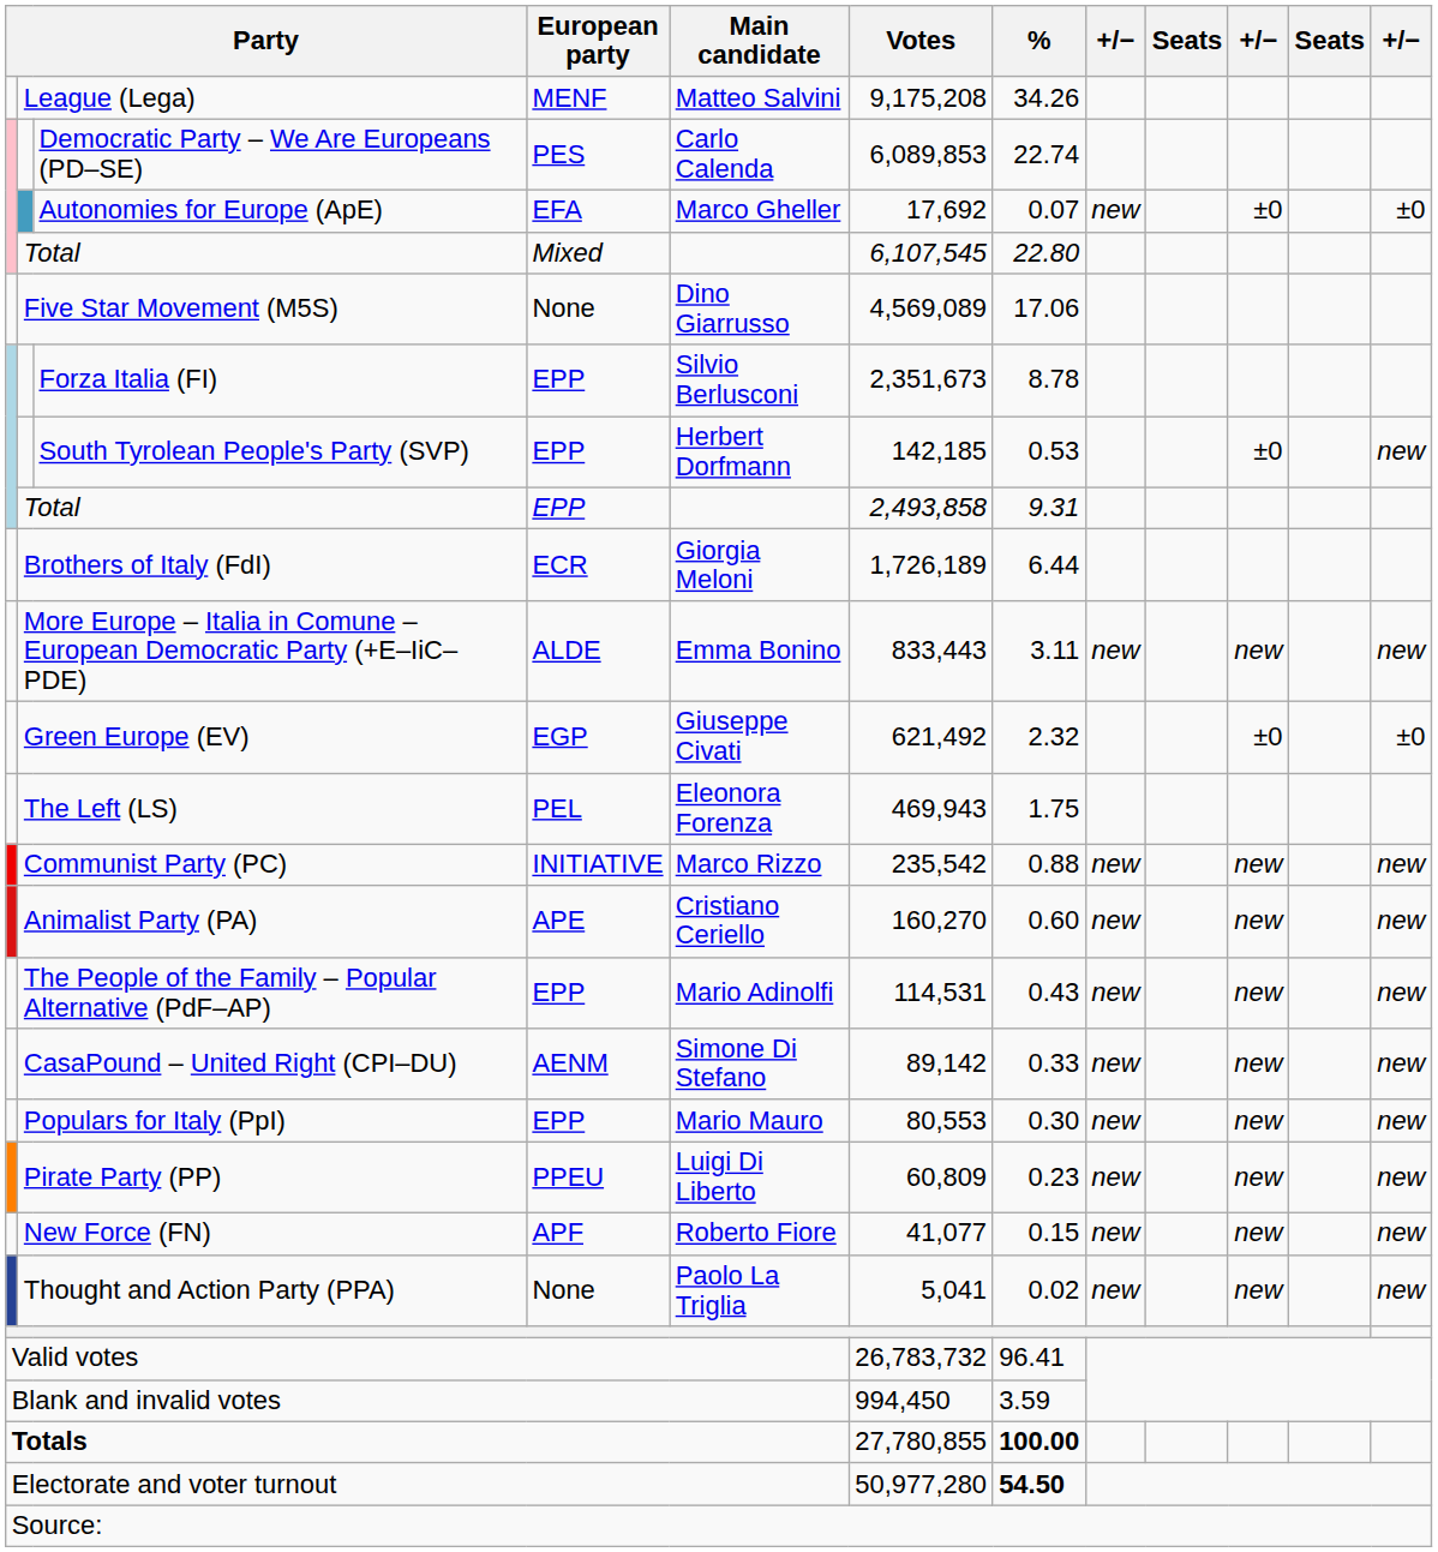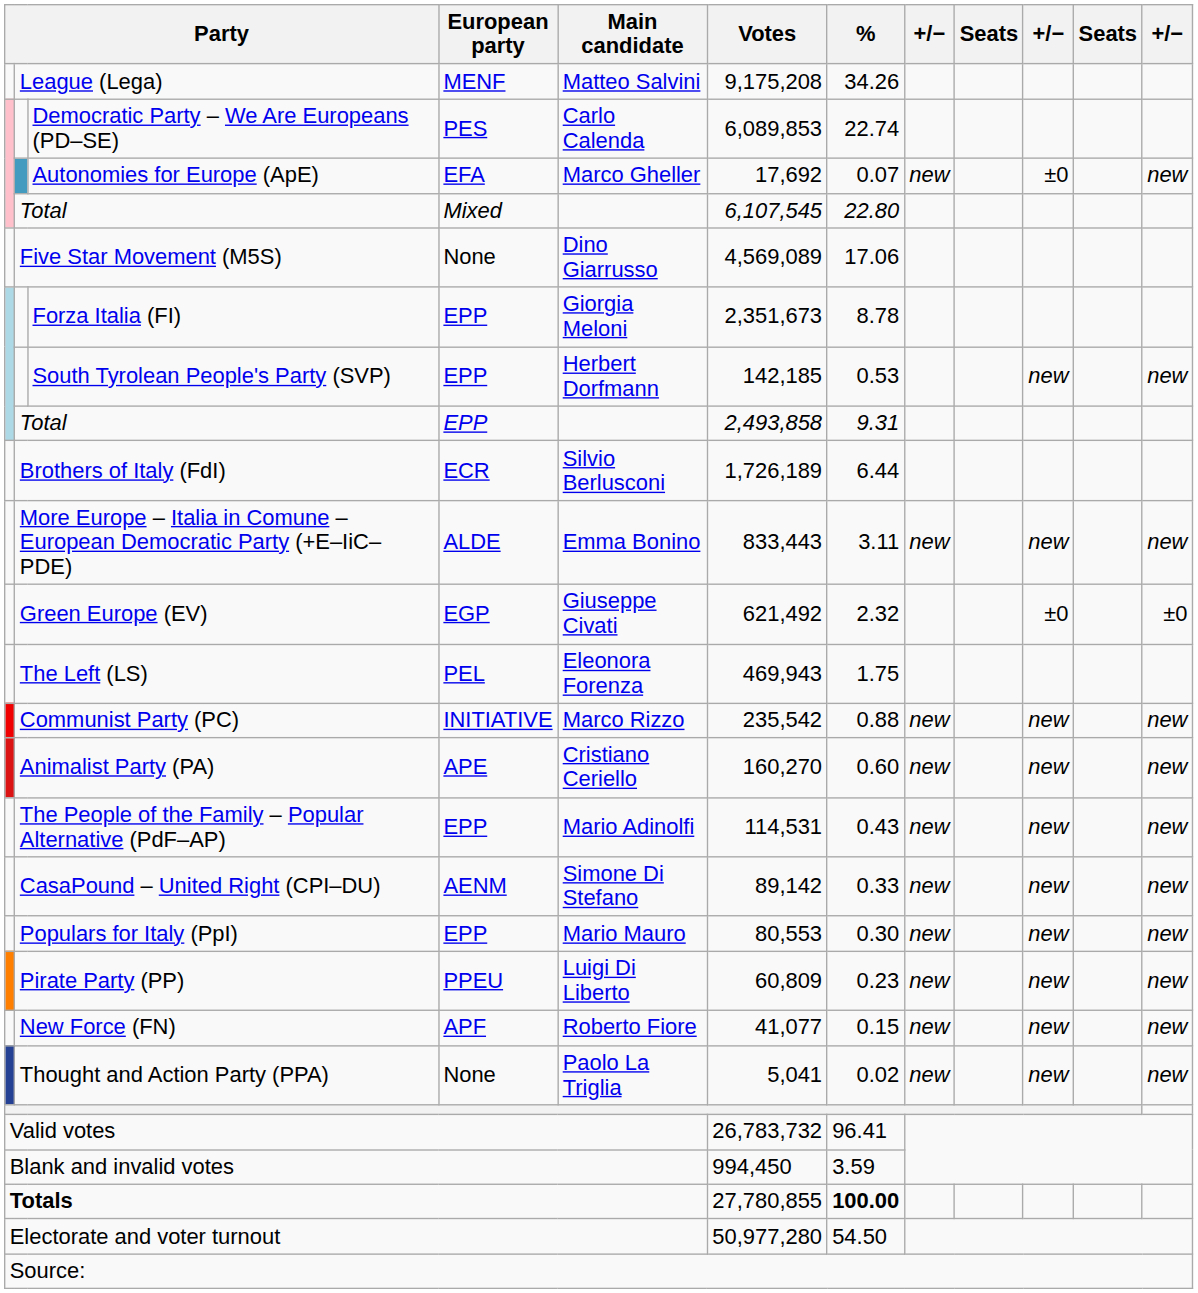 <table class="wikitable">
 <tr>
 <th colspan="3">Party</th>
 <th>European <br>party</th>
 <th>Main candidate</th>
 <th>Votes</th>
 <th>%</th>
 <th>+/−</th>
 <th>Seats <br></th>
 <th>+/−</th>
 <th>Seats <br></th>
 <th>+/−</th>
 </tr>
 <tr>
 <td style="background-color:"></td>
 <td colspan="2" style="text-align:left;"><a href='#'>League</a> (Lega)</td>
 <td style="text-align:left;"><a href='#'>MENF</a></td>
 <td style="text-align:left;"><a href='#'>Matteo Salvini</a></td>
 <td style="text-align:right;">9,175,208</td>
 <td style="text-align:right;">34.26</td>
 <td style="text-align:right;"></td>
 <td style="text-align:left;"></td>
 <td style="text-align:right;"></td>
 <td style="text-align:left;"></td>
 <td style="text-align:right;"></td>
 </tr>
 <tr>
 <td rowspan=3 style="background-color:pink"></td>
 <td style="background-color:"></td>
 <td style="text-align:left;"><a href='#'>Democratic Party</a> – <a href='#'>We Are Europeans</a> (PD–SE)</td>
 <td style="text-align:left;"><a href='#'>PES</a></td>
 <td style="text-align:left;"><a href='#'>Carlo Calenda</a></td>
 <td style="text-align:right;">6,089,853</td>
 <td style="text-align:right;">22.74</td>
 <td style="text-align:right;"></td>
 <td style="text-align:left;"></td>
 <td style="text-align:right;"></td>
 <td style="text-align:left;"></td>
 <td style="text-align:right;"></td>
 </tr>
 <tr>
 <td style="background-color: #439CBF"></td>
 <td style="text-align:left;"><a href='#'>Autonomies for Europe</a> (ApE)</td>
 <td style="text-align:left;"><a href='#'>EFA</a></td>
 <td style="text-align:left;"><a href='#'>Marco Gheller</a></td>
 <td style="text-align:right;">17,692</td>
 <td style="text-align:right;">0.07</td>
 <td style="text-align:right;"><em>new</em></td>
 <td style="text-align:left;"></td>
 <td style="text-align:right;">±0</td>
 <td style="text-align:left;"></td>
-<td style="text-align:right;">±0</td>
+<td style="text-align:right;"><em>new</em></td>
 </tr>
 <tr>
 <td align=left colspan=2><em>Total</em></td>
 <td align=left><em>Mixed</em></td>
 <td align="left"></td>
 <td align="right"><em>6,107,545</em></td>
 <td align="right"><em>22.80</em></td>
 <td style="text-align:right;"></td>
 <td style="text-align:left;"></td>
 <td style="text-align:right;"></td>
 <td style="text-align:left;"></td>
 <td style="text-align:right;"></td>
 </tr>
 <tr>
 <td style="background-color:"></td>
 <td colspan="2" style="text-align:left;"><a href='#'>Five Star Movement</a> (M5S)</td>
 <td style="text-align:left;">None</td>
 <td style="text-align:left;"><a href='#'>Dino Giarrusso</a></td>
 <td style="text-align:right;">4,569,089</td>
 <td style="text-align:right;">17.06</td>
 <td style="text-align:right;"></td>
 <td style="text-align:left;"></td>
 <td style="text-align:right;"></td>
 <td style="text-align:left;"></td>
 <td style="text-align:right;"></td>
 </tr>
 <tr>
 <td rowspan=3 style="background-color:lightblue"></td>
 <td style="background-color:"></td>
 <td style="text-align:left;"><a href='#'>Forza Italia</a> (FI)</td>
 <td style="text-align:left;"><a href='#'>EPP</a></td>
-<td style="text-align:left;"><a href='#'>Silvio Berlusconi</a></td>
+<td style="text-align:left;"><a href='#'>Giorgia Meloni</a></td>
 <td style="text-align:right;">2,351,673</td>
 <td style="text-align:right;">8.78</td>
 <td style="text-align:right;"></td>
 <td style="text-align:left;"></td>
 <td style="text-align:right;"></td>
 <td style="text-align:left;"></td>
 <td style="text-align:right;"></td>
 </tr>
 <tr>
 <td style="background-color:"></td>
 <td style="text-align:left;"><a href='#'>South Tyrolean People's Party</a> (SVP)</td>
 <td style="text-align:left;"><a href='#'>EPP</a></td>
 <td style="text-align:left;"><a href='#'>Herbert Dorfmann</a></td>
 <td style="text-align:right;">142,185</td>
 <td style="text-align:right;">0.53</td>
 <td style="text-align:right;"></td>
 <td style="text-align:left;"></td>
-<td style="text-align:right;">±0</td>
+<td style="text-align:right;"><em>new</em></td>
 <td style="text-align:left;"></td>
 <td style="text-align:right;"><em>new</em></td>
 </tr>
 <tr>
 <td align=left colspan=2><em>Total</em></td>
 <td align=left><em><a href='#'>EPP</a></em></td>
 <td align="left"></td>
 <td align="right"><em>2,493,858</em></td>
 <td align="right"><em>9.31</em></td>
 <td align="right"></td>
 <td style="text-align:left;"></td>
 <td style="text-align:right;"></td>
 <td style="text-align:left;"></td>
 <td style="text-align:right;"></td>
 </tr>
 <tr>
 <td style="background-color:"></td>
 <td colspan="2" style="text-align:left;"><a href='#'>Brothers of Italy</a> (FdI)</td>
 <td style="text-align:left;"><a href='#'>ECR</a></td>
-<td style="text-align:left;"><a href='#'>Giorgia Meloni</a></td>
+<td style="text-align:left;"><a href='#'>Silvio Berlusconi</a></td>
 <td style="text-align:right;">1,726,189</td>
 <td style="text-align:right;">6.44</td>
 <td style="text-align:right;"></td>
 <td style="text-align:left;"></td>
 <td style="text-align:right;"></td>
 <td style="text-align:left;"></td>
 <td style="text-align:right;"></td>
 </tr>
 <tr>
 <td style="background-color:"></td>
 <td colspan="2" style="text-align:left;"><a href='#'>More Europe</a> – <a href='#'>Italia in Comune</a> – <a href='#'>European Democratic Party</a> (+E–IiC–PDE)</td>
 <td style="text-align:left;"><a href='#'>ALDE</a></td>
 <td style="text-align:left;"><a href='#'>Emma Bonino</a></td>
 <td style="text-align:right;">833,443</td>
 <td style="text-align:right;">3.11</td>
 <td style="text-align:right;"><em>new</em></td>
 <td style="text-align:left;"></td>
 <td style="text-align:right;"><em>new</em></td>
 <td style="text-align:left;"></td>
 <td style="text-align:right;"><em>new</em></td>
 </tr>
 <tr>
 <td style="background-color:"></td>
 <td colspan="2" style="text-align:left;"><a href='#'>Green Europe</a> (EV)</td>
 <td style="text-align:left;"><a href='#'>EGP</a></td>
 <td style="text-align:left;"><a href='#'>Giuseppe Civati</a></td>
 <td style="text-align:right;">621,492</td>
 <td style="text-align:right;">2.32</td>
 <td style="text-align:right;"></td>
 <td style="text-align:left;"></td>
 <td style="text-align:right;">±0</td>
 <td style="text-align:left;"></td>
 <td style="text-align:right;">±0</td>
 </tr>
 <tr>
 <td style="background-color:"></td>
 <td colspan="2" style="text-align:left;"><a href='#'>The Left</a> (LS)</td>
 <td style="text-align:left;"><a href='#'>PEL</a></td>
 <td style="text-align:left;"><a href='#'>Eleonora Forenza</a></td>
 <td style="text-align:right;">469,943</td>
 <td style="text-align:right;">1.75</td>
 <td style="text-align:right;"></td>
 <td style="text-align:left;"></td>
 <td style="text-align:right;"></td>
 <td style="text-align:left;"></td>
 <td style="text-align:right;"></td>
 </tr>
 <tr>
 <td style="background-color: #F00000"></td>
 <td colspan="2" style="text-align:left;"><a href='#'>Communist Party</a> (PC)</td>
 <td style="text-align:left;"><a href='#'>INITIATIVE</a></td>
 <td style="text-align:left;"><a href='#'>Marco Rizzo</a></td>
 <td style="text-align:right;">235,542</td>
 <td style="text-align:right;">0.88</td>
 <td style="text-align:right;"><em>new</em></td>
 <td style="text-align:left;"></td>
 <td style="text-align:right;"><em>new</em></td>
 <td style="text-align:left;"></td>
 <td style="text-align:right;"><em>new</em></td>
 </tr>
 <tr>
 <td style="background-color: #db1313"></td>
 <td colspan="2" style="text-align:left;"><a href='#'>Animalist Party</a> (PA)</td>
 <td style="text-align:left;"><a href='#'>APE</a></td>
 <td style="text-align:left;"><a href='#'>Cristiano Ceriello</a></td>
 <td style="text-align:right;">160,270</td>
 <td style="text-align:right;">0.60</td>
 <td style="text-align:right;"><em>new</em></td>
 <td style="text-align:left;"></td>
 <td style="text-align:right;"><em>new</em></td>
 <td style="text-align:left;"></td>
 <td style="text-align:right;"><em>new</em></td>
 </tr>
 <tr>
 <td style="background-color:"></td>
 <td colspan="2" style="text-align:left;"><a href='#'>The People of the Family</a> – <a href='#'>Popular Alternative</a> (PdF–AP)</td>
 <td style="text-align:left;"><a href='#'>EPP</a></td>
 <td style="text-align:left;"><a href='#'>Mario Adinolfi</a></td>
 <td style="text-align:right;">114,531</td>
 <td style="text-align:right;">0.43</td>
 <td style="text-align:right;"><em>new</em></td>
 <td style="text-align:left;"></td>
 <td style="text-align:right;"><em>new</em></td>
 <td style="text-align:left;"></td>
 <td style="text-align:right;"><em>new</em></td>
 </tr>
 <tr>
 <td style="background-color:"></td>
 <td colspan="2" style="text-align:left;"><a href='#'>CasaPound</a> – <a href='#'>United Right</a> (CPI–DU)</td>
 <td style="text-align:left;"><a href='#'>AENM</a></td>
 <td style="text-align:left;"><a href='#'>Simone Di Stefano</a></td>
 <td style="text-align:right;">89,142</td>
 <td style="text-align:right;">0.33</td>
 <td style="text-align:right;"><em>new</em></td>
 <td style="text-align:left;"></td>
 <td style="text-align:right;"><em>new</em></td>
 <td style="text-align:left;"></td>
 <td style="text-align:right;"><em>new</em></td>
 </tr>
 <tr>
 <td style="background-color:"></td>
 <td colspan="2" style="text-align:left;"><a href='#'>Populars for Italy</a> (PpI)</td>
 <td style="text-align:left;"><a href='#'>EPP</a></td>
 <td style="text-align:left;"><a href='#'>Mario Mauro</a></td>
 <td style="text-align:right;">80,553</td>
 <td style="text-align:right;">0.30</td>
 <td style="text-align:right;"><em>new</em></td>
 <td style="text-align:left;"></td>
 <td style="text-align:right;"><em>new</em></td>
 <td style="text-align:left;"></td>
 <td style="text-align:right;"><em>new</em></td>
 </tr>
 <tr>
 <td style="background-color: #FF7F00"></td>
 <td colspan="2" style="text-align:left;"><a href='#'>Pirate Party</a> (PP)</td>
 <td style="text-align:left;"><a href='#'>PPEU</a></td>
 <td style="text-align:left;"><a href='#'>Luigi Di Liberto</a></td>
 <td style="text-align:right;">60,809</td>
 <td style="text-align:right;">0.23</td>
 <td style="text-align:right;"><em>new</em></td>
 <td style="text-align:left;"></td>
 <td style="text-align:right;"><em>new</em></td>
 <td style="text-align:left;"></td>
 <td style="text-align:right;"><em>new</em></td>
 </tr>
 <tr>
 <td style="background:"></td>
 <td colspan="2" style="text-align:left;"><a href='#'>New Force</a> (FN)</td>
 <td style="text-align:left;"><a href='#'>APF</a></td>
 <td style="text-align:left;"><a href='#'>Roberto Fiore</a></td>
 <td style="text-align:right;">41,077</td>
 <td style="text-align:right;">0.15</td>
 <td style="text-align:right;"><em>new</em></td>
 <td style="text-align:left;"></td>
 <td style="text-align:right;"><em>new</em></td>
 <td style="text-align:left;"></td>
 <td style="text-align:right;"><em>new</em></td>
 </tr>
 <tr>
 <td style="background-color: #254194"></td>
 <td colspan="2" style="text-align:left;">Thought and Action Party (PPA)</td>
 <td style="text-align:left;">None</td>
 <td style="text-align:left;"><a href='#'>Paolo La Triglia</a></td>
 <td style="text-align:right;">5,041</td>
 <td style="text-align:right;">0.02</td>
 <td style="text-align:right;"><em>new</em></td>
 <td style="text-align:left;"></td>
 <td style="text-align:right;"><em>new</em></td>
 <td style="text-align:left;"></td>
 <td style="text-align:right;"><em>new</em></td>
 </tr>
 <tr>
 <th colspan=11></th>
 </tr>
 <tr>
 <td style="text-align:left;" colspan="5">Valid votes</td>
 <td>26,783,732</td>
 <td>96.41</td>
 <td colspan="5" rowspan="2"></td>
 </tr>
 <tr>
 <td style="text-align:left;" colspan="5">Blank and invalid votes</td>
 <td>994,450</td>
 <td>3.59</td>
 </tr>
 <tr>
 <td style="text-align:left;" colspan="5"><strong>Totals</strong></td>
 <td>27,780,855</td>
 <td><strong>100.00</strong></td>
 <td></td>
 <td></td>
 <td></td>
 <td></td>
 <td></td>
 </tr>
 <tr>
 <td colspan="5">Electorate and voter turnout</td>
 <td>50,977,280</td>
-<td><strong>54.50</strong></td>
+<td>54.50</td>
 <td colspan="5"></td>
 </tr>
 <tr>
 <td style="text-align:left;" colspan="12">Source:  </td>
 </tr>
 </table>
